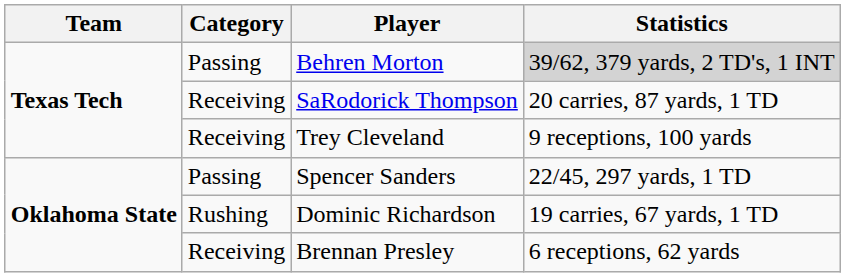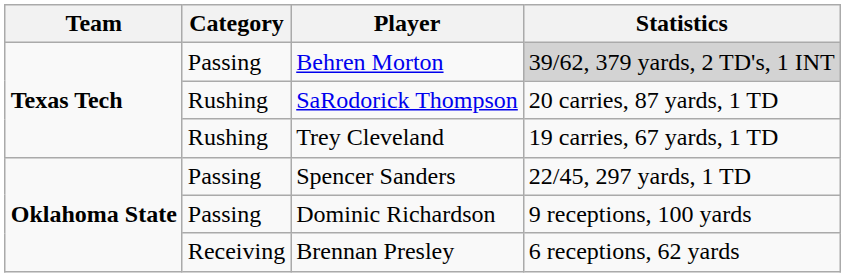 <table class="wikitable" style="float: right;">
 <tr>
 <th>Team</th>
 <th>Category</th>
 <th>Player</th>
 <th>Statistics</th>
 </tr>
 <tr>
 <td rowspan=3><strong>Texas Tech</strong></td>
 <td>Passing</td>
 <td><a href='#'>Behren Morton</a></td>
 <td style="background: lightgrey;">39/62, 379 yards, 2 TD's, 1 INT</td>
 </tr>
 <tr>
-<td>Receiving</td>
+<td>Rushing</td>
 <td><a href='#'>SaRodorick Thompson</a></td>
 <td>20 carries, 87 yards, 1 TD</td>
 </tr>
 <tr>
-<td>Receiving</td>
+<td>Rushing</td>
 <td>Trey Cleveland</td>
-<td>9 receptions, 100 yards</td>
+<td>19 carries, 67 yards, 1 TD</td>
 </tr>
 <tr>
 <td rowspan=3><strong>Oklahoma State</strong></td>
 <td>Passing</td>
 <td>Spencer Sanders</td>
 <td>22/45, 297 yards, 1 TD</td>
 </tr>
 <tr>
-<td>Rushing</td>
+<td>Passing</td>
 <td>Dominic Richardson</td>
-<td>19 carries, 67 yards, 1 TD</td>
+<td>9 receptions, 100 yards</td>
 </tr>
 <tr>
 <td>Receiving</td>
 <td>Brennan Presley</td>
 <td>6 receptions, 62 yards</td>
 </tr>
 </table>
